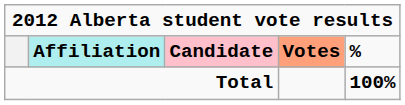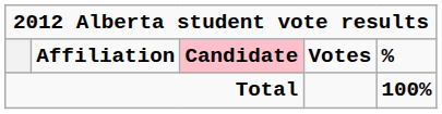 <table class="wikitable">
 <tr>
 <td colspan="5" align=center><strong>2012 Alberta student vote results</strong></td>
 </tr>
 <tr>
 <th style="width: 10px;"></th>
-<td style="background: paleturquoise;"><strong>Affiliation</strong></td>
+<td><strong>Affiliation</strong></td>
 <td style="background: pink;"><strong>Candidate</strong></td>
-<td style="background: lightsalmon;"><strong>Votes</strong></td>
+<td><strong>Votes</strong></td>
 <td><strong>%</strong><br>   </td>
 </tr>
 <tr>
 <td colspan="3" align="right"><strong>Total</strong></td>
 <td></td>
 <td><strong>100%</strong></td>
 </tr>
 </table>
